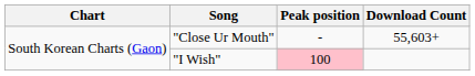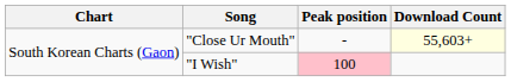 <table class="wikitable sortable plainrowheaders">
 <tr>
 <th scope="col">Chart</th>
 <th scope="col">Song</th>
 <th scope="col">Peak position</th>
 <th scope="col">Download Count</th>
 </tr>
 <tr>
 <td rowspan=2>South Korean Charts (<a href='#'>Gaon</a>)</td>
 <td>"Close Ur Mouth"</td>
 <td style="text-align:center">-</td>
-<td style="text-align:center">55,603+</td>
+<td style="background: lightyellow; text-align:center">55,603+</td>
 </tr>
 <tr>
 <td>"I Wish"</td>
 <td style="background: pink; text-align:center">100</td>
 <td></td>
 </tr>
 </table>
